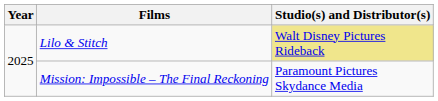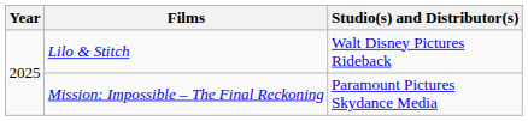 <table class="wikitable">
 <tr>
 <th>Year</th>
 <th>Films</th>
 <th>Studio(s) and Distributor(s)</th>
 </tr>
 <tr>
 <td rowspan="2">2025</td>
 <td><em><a href='#'>Lilo & Stitch</a></em></td>
-<td style="background: khaki;"><a href='#'>Walt Disney Pictures</a><br><a href='#'>Rideback</a></td>
+<td><a href='#'>Walt Disney Pictures</a><br><a href='#'>Rideback</a></td>
 </tr>
 <tr>
 <td><a href='#'><em>Mission: Impossible – The Final Reckoning</em></a></td>
 <td><a href='#'>Paramount Pictures</a><br><a href='#'>Skydance Media</a></td>
 </tr>
 </table>
